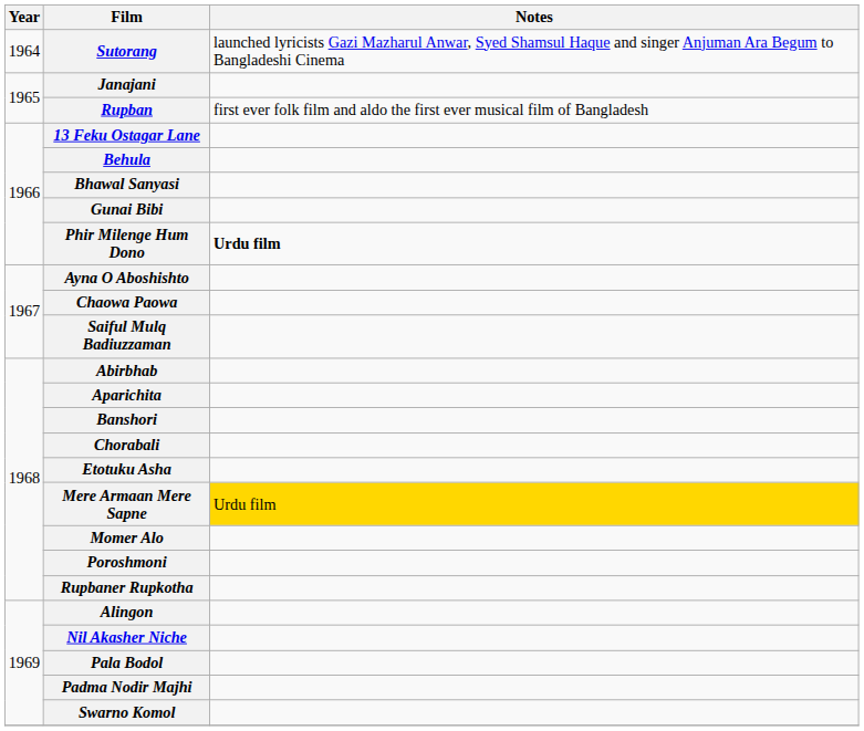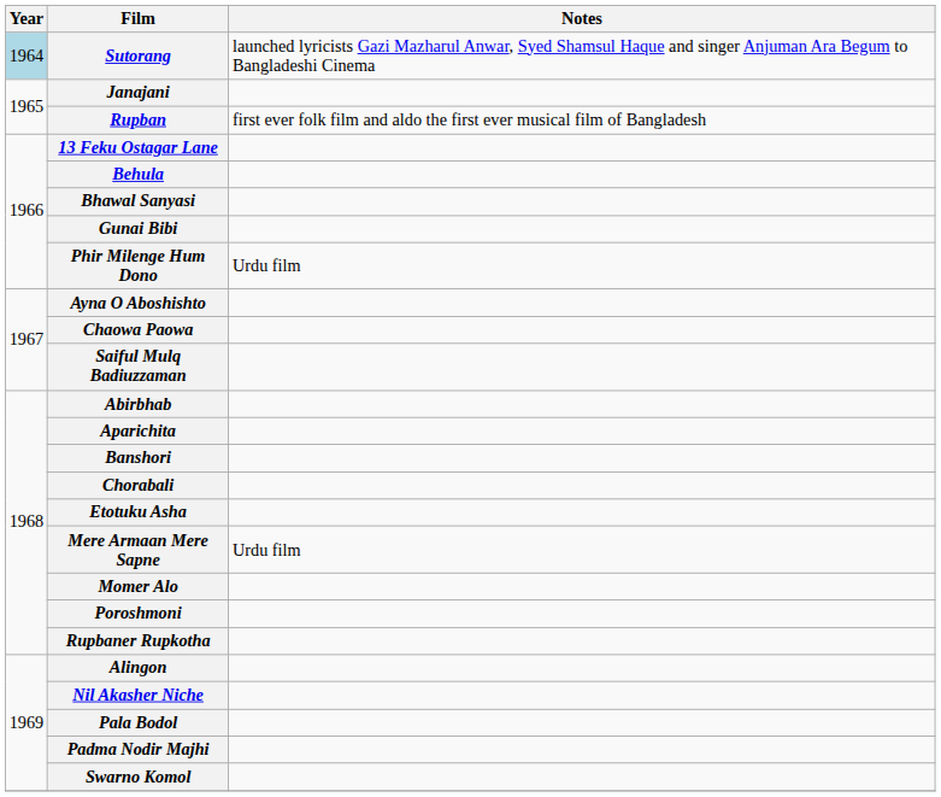 <table class="wikitable sortable">
 <tr>
 <th>Year</th>
 <th>Film</th>
 <th>Notes</th>
 </tr>
 <tr>
-<td rowspan=1>1964</td>
+<td rowspan=1 style="background: lightblue;">1964</td>
 <th><em><a href='#'>Sutorang</a></em></th>
 <td>launched lyricists <a href='#'>Gazi Mazharul Anwar</a>, <a href='#'>Syed Shamsul Haque</a> and singer <a href='#'>Anjuman Ara Begum</a> to Bangladeshi Cinema</td>
 </tr>
 <tr>
 <td rowspan=2>1965</td>
 <th><em>Janajani</em></th>
 <td></td>
 </tr>
 <tr>
 <th><em><a href='#'>Rupban</a></em></th>
 <td>first ever folk film and aldo the first ever musical film of Bangladesh</td>
 </tr>
 <tr>
 <td rowspan=5>1966</td>
 <th><em><a href='#'>13 Feku Ostagar Lane</a></em></th>
 <td></td>
 </tr>
 <tr>
 <th><em><a href='#'>Behula</a></em></th>
 <td></td>
 </tr>
 <tr>
 <th><em>Bhawal Sanyasi</em></th>
 <td></td>
 </tr>
 <tr>
 <th><em>Gunai Bibi</em></th>
 <td></td>
 </tr>
 <tr>
 <th><em>Phir Milenge Hum Dono</em></th>
-<td><strong>Urdu film</strong></td>
+<td>Urdu film</td>
 </tr>
 <tr>
 <td rowspan=3>1967</td>
 <th><em>Ayna O Aboshishto</em></th>
 <td></td>
 </tr>
 <tr>
 <th><em>Chaowa Paowa</em></th>
 <td></td>
 </tr>
 <tr>
 <th><em>Saiful Mulq Badiuzzaman</em></th>
 <td></td>
 </tr>
 <tr>
 <td rowspan=9>1968</td>
 <th><em>Abirbhab</em></th>
 <td></td>
 </tr>
 <tr>
 <th><em>Aparichita</em></th>
 <td></td>
 </tr>
 <tr>
 <th><em>Banshori</em></th>
 <td></td>
 </tr>
 <tr>
 <th><em>Chorabali</em></th>
 <td></td>
 </tr>
 <tr>
 <th><em>Etotuku Asha</em></th>
 <td></td>
 </tr>
 <tr>
 <th><em>Mere Armaan Mere Sapne</em></th>
-<td style="background: gold;">Urdu film</td>
+<td>Urdu film</td>
 </tr>
 <tr>
 <th><em>Momer Alo</em></th>
 <td></td>
 </tr>
 <tr>
 <th><em>Poroshmoni</em></th>
 <td></td>
 </tr>
 <tr>
 <th><em>Rupbaner Rupkotha</em></th>
 <td></td>
 </tr>
 <tr>
 <td rowspan=5>1969</td>
 <th><em>Alingon</em></th>
 <td></td>
 </tr>
 <tr>
 <th><em><a href='#'>Nil Akasher Niche</a></em></th>
 <td></td>
 </tr>
 <tr>
 <th><em>Pala Bodol</em></th>
 <td></td>
 </tr>
 <tr>
 <th><em>Padma Nodir Majhi</em></th>
 <td></td>
 </tr>
 <tr>
 <th><em>Swarno Komol</em></th>
 <td></td>
 </tr>
 <tr>
 </tr>
 </table>
